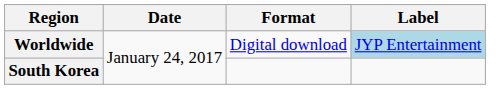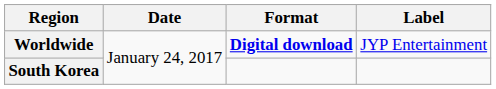 <table class="wikitable plainrowheaders">
 <tr>
 <th>Region</th>
 <th>Date</th>
 <th>Format</th>
 <th>Label</th>
 </tr>
 <tr>
 <th scope="row">Worldwide</th>
 <td rowspan="2">January 24, 2017</td>
-<td><a href='#'>Digital download</a></td>
-<td style="background: lightblue;"><a href='#'>JYP Entertainment</a></td>
+<td><strong><a href='#'>Digital download</a></strong></td>
+<td><a href='#'>JYP Entertainment</a></td>
 </tr>
 <tr>
 <th scope="row">South Korea</th>
 <td></td>
 <td></td>
 </tr>
 </table>
